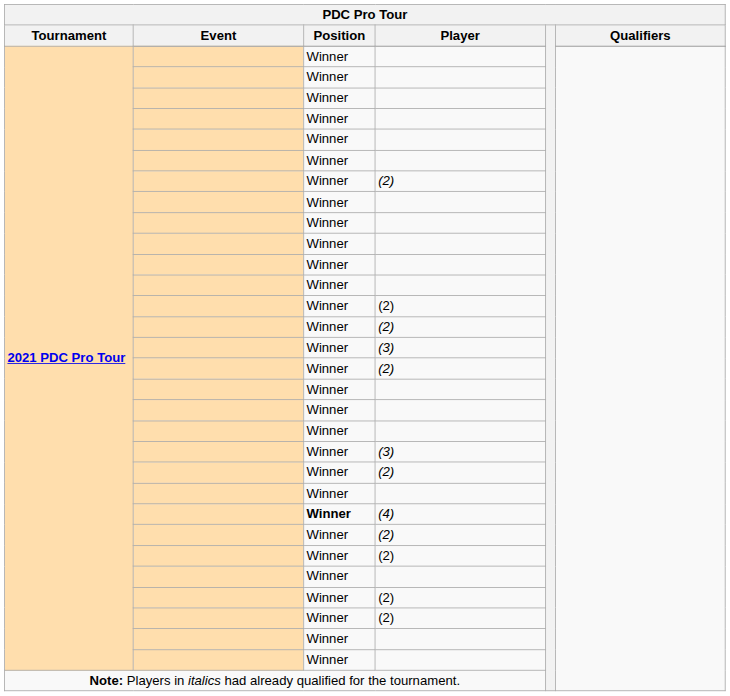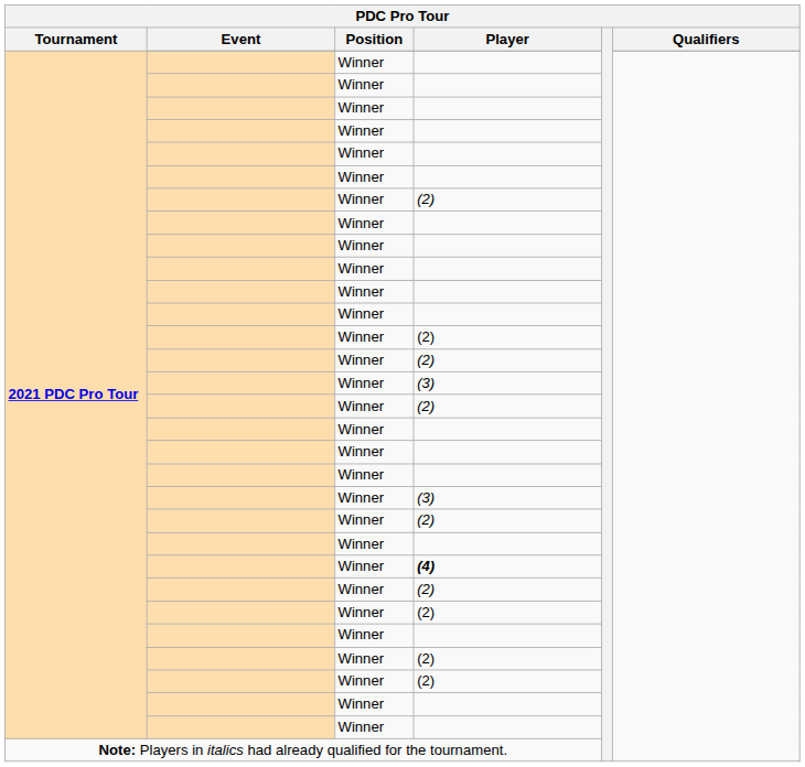 <table class="wikitable">
 <tr>
 <th colspan=6>PDC Pro Tour</th>
 </tr>
 <tr>
 <th width=150>Tournament</th>
 <th width=200>Event</th>
 <th width=80>Position</th>
 <th width=200>Player</th>
 <th rowspan=33 width=5></th>
 <th width=200>Qualifiers</th>
 </tr>
 <tr>
 <td rowspan=31 style="background:#ffdead;"><strong><a href='#'>2021 PDC Pro Tour</a></strong></td>
 </tr>
 <tr>
 <td style="background:#ffdead;"></td>
 <td>Winner</td>
 <td></td>
 <td rowspan=31><br><br></td>
 </tr>
 <tr>
 <td style="background:#ffdead;"></td>
 <td>Winner</td>
 <td></td>
 </tr>
 <tr>
 <td style="background:#ffdead;"></td>
 <td>Winner</td>
 <td></td>
 </tr>
 <tr>
 <td style="background:#ffdead;"></td>
 <td>Winner</td>
 <td><em></em></td>
 </tr>
 <tr>
 <td style="background:#ffdead;"></td>
 <td>Winner</td>
 <td></td>
 </tr>
 <tr>
 <td style="background:#ffdead;"></td>
 <td>Winner</td>
 <td><em></em></td>
 </tr>
 <tr>
 <td style="background:#ffdead;"></td>
 <td>Winner</td>
 <td><em> (2)</em></td>
 </tr>
 <tr>
 <td style="background:#ffdead;"></td>
 <td>Winner</td>
 <td><em></em></td>
 </tr>
 <tr>
 <td style="background:#ffdead;"></td>
 <td>Winner</td>
 <td><em></em></td>
 </tr>
 <tr>
 <td style="background:#ffdead;"></td>
 <td>Winner</td>
 <td></td>
 </tr>
 <tr>
 <td style="background:#ffdead;"></td>
 <td>Winner</td>
 <td></td>
 </tr>
 <tr>
 <td style="background:#ffdead;"></td>
 <td>Winner</td>
 <td><em></em></td>
 </tr>
 <tr>
 <td style="background:#ffdead;"></td>
 <td>Winner</td>
 <td> (2)</td>
 </tr>
 <tr>
 <td style="background:#ffdead;"></td>
 <td>Winner</td>
 <td><em> (2)</em></td>
 </tr>
 <tr>
 <td style="background:#ffdead;"></td>
 <td>Winner</td>
 <td><em> (3)</em></td>
 </tr>
 <tr>
 <td style="background:#ffdead;"></td>
 <td>Winner</td>
 <td><em> (2)</em></td>
 </tr>
 <tr>
 <td style="background:#ffdead;"></td>
 <td>Winner</td>
 <td></td>
 </tr>
 <tr>
 <td style="background:#ffdead;"></td>
 <td>Winner</td>
 <td></td>
 </tr>
 <tr>
 <td style="background:#ffdead;"></td>
 <td>Winner</td>
 <td></td>
 </tr>
 <tr>
 <td style="background:#ffdead;"></td>
 <td>Winner</td>
 <td><em> (3)</em></td>
 </tr>
 <tr>
 <td style="background:#ffdead;"></td>
 <td>Winner</td>
 <td><em> (2)</em></td>
 </tr>
 <tr>
 <td style="background:#ffdead;"></td>
 <td>Winner</td>
 <td></td>
 </tr>
 <tr>
 <td style="background:#ffdead;"></td>
-<td><strong>Winner</strong></td>
-<td><em> (4)</em></td>
+<td>Winner</td>
+<td><strong><em> (4)</em></strong></td>
 </tr>
 <tr>
 <td style="background:#ffdead;"></td>
 <td>Winner</td>
 <td><em> (2)</em></td>
 </tr>
 <tr>
 <td style="background:#ffdead;"></td>
 <td>Winner</td>
 <td> (2)</td>
 </tr>
 <tr>
 <td style="background:#ffdead;"></td>
 <td>Winner</td>
 <td><em></em></td>
 </tr>
 <tr>
 <td style="background:#ffdead;"></td>
 <td>Winner</td>
 <td> (2)</td>
 </tr>
 <tr>
 <td style="background:#ffdead;"></td>
 <td>Winner</td>
 <td> (2)</td>
 </tr>
 <tr>
 <td style="background:#ffdead;"></td>
 <td>Winner</td>
 <td><em></em></td>
 </tr>
 <tr>
 <td style="background:#ffdead;"></td>
 <td>Winner</td>
 <td></td>
 </tr>
 <tr>
 <td colspan=4 align=center><strong>Note:</strong> Players in <em>italics</em> had already qualified for the tournament.</td>
 </tr>
 </table>
